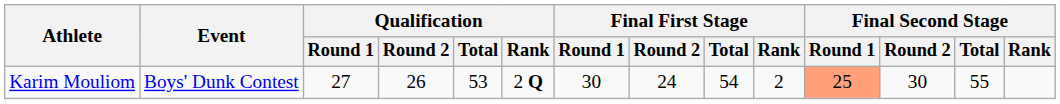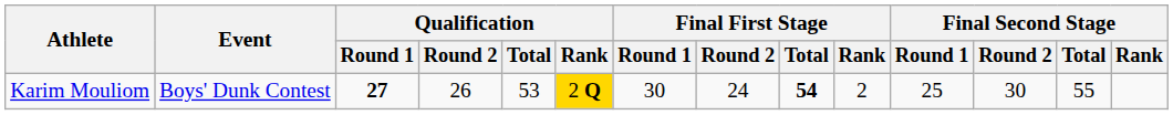 <table class="wikitable" style="font-size:90%;">
 <tr>
 <th rowspan=2>Athlete</th>
 <th rowspan=2>Event</th>
 <th colspan=4>Qualification</th>
 <th colspan=4>Final First Stage</th>
 <th colspan=4>Final Second Stage</th>
 </tr>
 <tr style="font-size:95%">
 <th>Round 1</th>
 <th>Round 2</th>
 <th>Total</th>
 <th>Rank</th>
 <th>Round 1</th>
 <th>Round 2</th>
 <th>Total</th>
 <th>Rank</th>
 <th>Round 1</th>
 <th>Round 2</th>
 <th>Total</th>
 <th>Rank</th>
 </tr>
 <tr align=center>
 <td align=left><a href='#'>Karim Mouliom</a></td>
 <td align=left><a href='#'>Boys' Dunk Contest</a></td>
-<td>27</td>
+<td><strong>27</strong></td>
 <td>26</td>
 <td>53</td>
-<td>2 <strong>Q</strong></td>
+<td style="background: gold;">2 <strong>Q</strong></td>
 <td>30</td>
 <td>24</td>
-<td>54</td>
+<td><strong>54</strong></td>
 <td>2</td>
-<td style="background: lightsalmon;">25</td>
+<td>25</td>
 <td>30</td>
 <td>55</td>
 <td></td>
 </tr>
 </table>
